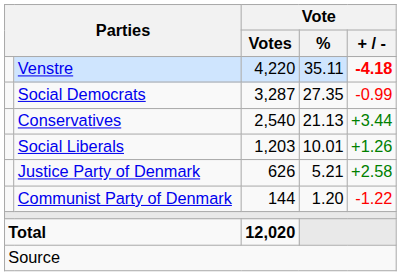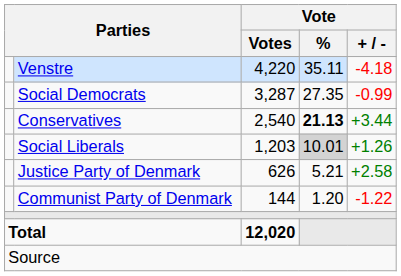 <table class="wikitable" style="text-align:right;">
 <tr>
 <th style="text-align:centre;" rowspan="2" colspan="2" width="225">Parties</th>
 <th colspan="3">Vote</th>
 </tr>
 <tr>
 <th width="15">Votes</th>
 <th width="15">%</th>
 <th width="15">+ / -</th>
 </tr>
 <tr>
 <td width="2" style="color:inherit;background:"></td>
 <td bgcolor=#cfe5fe  align="left"><a href='#'>Venstre</a></td>
 <td bgcolor=#cfe5fe>4,220</td>
 <td bgcolor=#cfe5fe>35.11</td>
-<td style=color:red;><strong>-4.18</strong></td>
+<td style=color:red;>-4.18</td>
 </tr>
 <tr>
 <td width="2" style="color:inherit;background:"></td>
 <td align="left"><a href='#'>Social Democrats</a></td>
 <td>3,287</td>
 <td>27.35</td>
 <td style=color:red;>-0.99</td>
 </tr>
 <tr>
 <td width="2" style="color:inherit;background:"></td>
 <td align="left"><a href='#'>Conservatives</a></td>
 <td>2,540</td>
-<td>21.13</td>
+<td><strong>21.13</strong></td>
 <td style=color:green;>+3.44</td>
 </tr>
 <tr>
 <td width="2" style="color:inherit;background:"></td>
 <td align="left"><a href='#'>Social Liberals</a></td>
 <td>1,203</td>
-<td>10.01</td>
+<td style="background: lightgrey;">10.01</td>
 <td style=color:green;>+1.26</td>
 </tr>
 <tr>
 <td width="2" style="color:inherit;background:"></td>
 <td align="left"><a href='#'>Justice Party of Denmark</a></td>
 <td>626</td>
 <td>5.21</td>
 <td style=color:green;>+2.58</td>
 </tr>
 <tr>
 <td width="2" style="color:inherit;background:"></td>
 <td align="left"><a href='#'>Communist Party of Denmark</a></td>
 <td>144</td>
 <td>1.20</td>
 <td style=color:red;>-1.22</td>
 </tr>
 <tr>
 <td colspan="7" bgcolor="#E9E9E9"></td>
 </tr>
 <tr>
 <td align="left" colspan="2"><strong>Total</strong></td>
 <td><strong>12,020</strong></td>
 <td bgcolor="#E9E9E9" colspan="2"></td>
 </tr>
 <tr>
 <td align="left" colspan="6">Source</td>
 </tr>
 </table>
